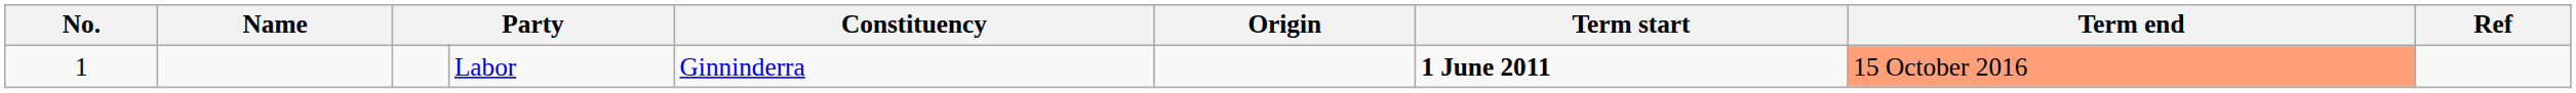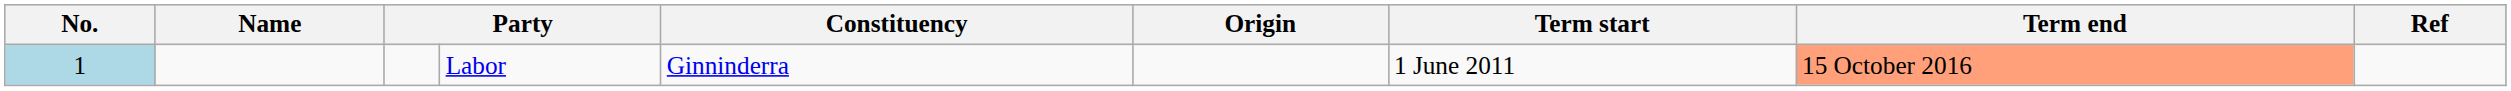 <table class="wikitable sortable" width="100%">
 <tr>
 <th>No.</th>
 <th>Name</th>
 <th colspan="2">Party</th>
 <th>Constituency</th>
 <th>Origin</th>
 <th>Term start</th>
 <th>Term end</th>
 <th class=unsortable>Ref</th>
 </tr>
 <tr>
-<td align=center>1</td>
+<td align=center style="background: lightblue;">1</td>
 <td></td>
 <td> </td>
 <td><a href='#'>Labor</a></td>
 <td><a href='#'>Ginninderra</a></td>
 <td></td>
-<td><strong>1 June 2011</strong></td>
+<td>1 June 2011</td>
 <td style="background: lightsalmon;">15 October 2016</td>
 <td align=center></td>
 </tr>
 </table>
